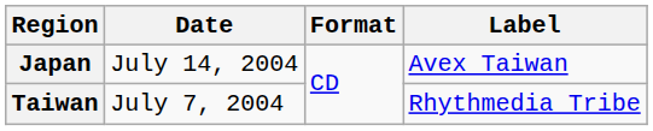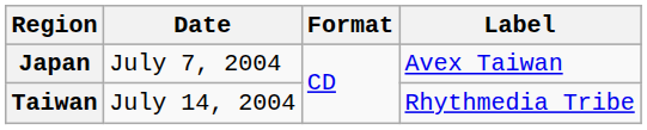 <table class="wikitable plainrowheaders">
 <tr>
 <th scope="col">Region</th>
 <th scope="col">Date</th>
 <th scope="col">Format</th>
 <th scope="col">Label</th>
 </tr>
 <tr>
 <th scope="row">Japan</th>
-<td>July 14, 2004</td>
+<td>July 7, 2004</td>
 <td rowspan="2"><a href='#'>CD</a></td>
 <td><a href='#'>Avex Taiwan</a></td>
 </tr>
 <tr>
 <th scope="row">Taiwan</th>
-<td>July 7, 2004</td>
+<td>July 14, 2004</td>
 <td><a href='#'>Rhythmedia Tribe</a></td>
 </tr>
 </table>
